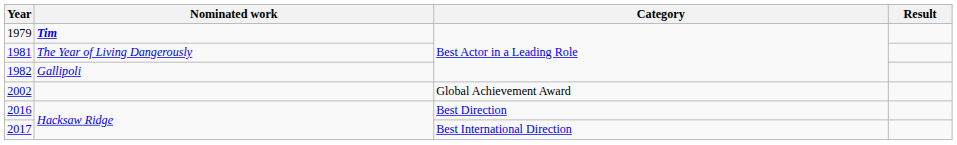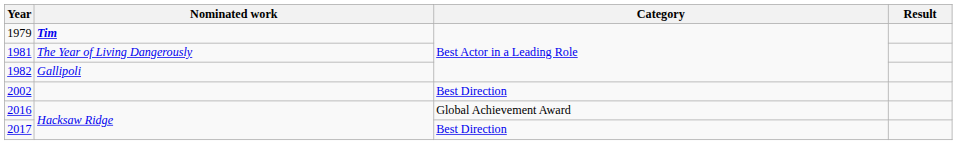 <table class="wikitable">
 <tr>
 <th scope="col" style="width:1em;">Year</th>
 <th scope="col" style="width:35em;">Nominated work</th>
 <th scope="col" style="width:40em;">Category</th>
 <th scope="col" style="width:5em;">Result</th>
 </tr>
 <tr>
 <td>1979</td>
 <td><strong><em><a href='#'>Tim</a></em></strong></td>
 <td rowspan="3"><a href='#'>Best Actor in a Leading Role</a></td>
 <td></td>
 </tr>
 <tr>
 <td><a href='#'>1981</a></td>
 <td><em><a href='#'>The Year of Living Dangerously</a></em></td>
 <td></td>
 </tr>
 <tr>
 <td><a href='#'>1982</a></td>
 <td><em><a href='#'>Gallipoli</a></em></td>
 <td></td>
 </tr>
 <tr>
 <td><a href='#'>2002</a></td>
 <td></td>
-<td>Global Achievement Award</td>
+<td><a href='#'>Best Direction</a></td>
 <td></td>
 </tr>
 <tr>
 <td><a href='#'>2016</a></td>
 <td rowspan="2"><em><a href='#'>Hacksaw Ridge</a></em></td>
-<td><a href='#'>Best Direction</a></td>
+<td>Global Achievement Award</td>
 <td></td>
 </tr>
 <tr>
 <td><a href='#'>2017</a></td>
-<td><a href='#'>Best International Direction</a></td>
+<td><a href='#'>Best Direction</a></td>
 <td></td>
 </tr>
 </table>
